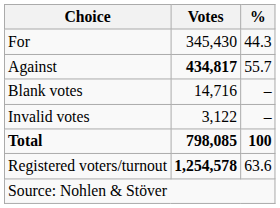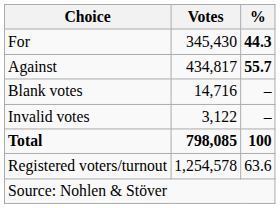 <table class=wikitable style=text-align:right>
 <tr>
 <th>Choice</th>
 <th>Votes</th>
 <th>%</th>
 </tr>
 <tr>
 <td align=left>For</td>
 <td>345,430</td>
-<td>44.3</td>
+<td><strong>44.3</strong></td>
 </tr>
 <tr>
 <td align=left>Against</td>
-<td><strong>434,817</strong></td>
-<td>55.7</td>
+<td>434,817</td>
+<td><strong>55.7</strong></td>
 </tr>
 <tr>
 <td align=left>Blank votes</td>
 <td>14,716</td>
 <td>–</td>
 </tr>
 <tr>
 <td align=left>Invalid votes</td>
 <td>3,122</td>
 <td>–</td>
 </tr>
 <tr>
 <td align=left><strong>Total</strong></td>
 <td><strong>798,085</strong></td>
 <td><strong>100</strong></td>
 </tr>
 <tr>
 <td align=left>Registered voters/turnout</td>
-<td><strong>1,254,578</strong></td>
+<td>1,254,578</td>
 <td>63.6</td>
 </tr>
 <tr>
 <td align=left colspan=3>Source: Nohlen & Stöver</td>
 </tr>
 </table>
